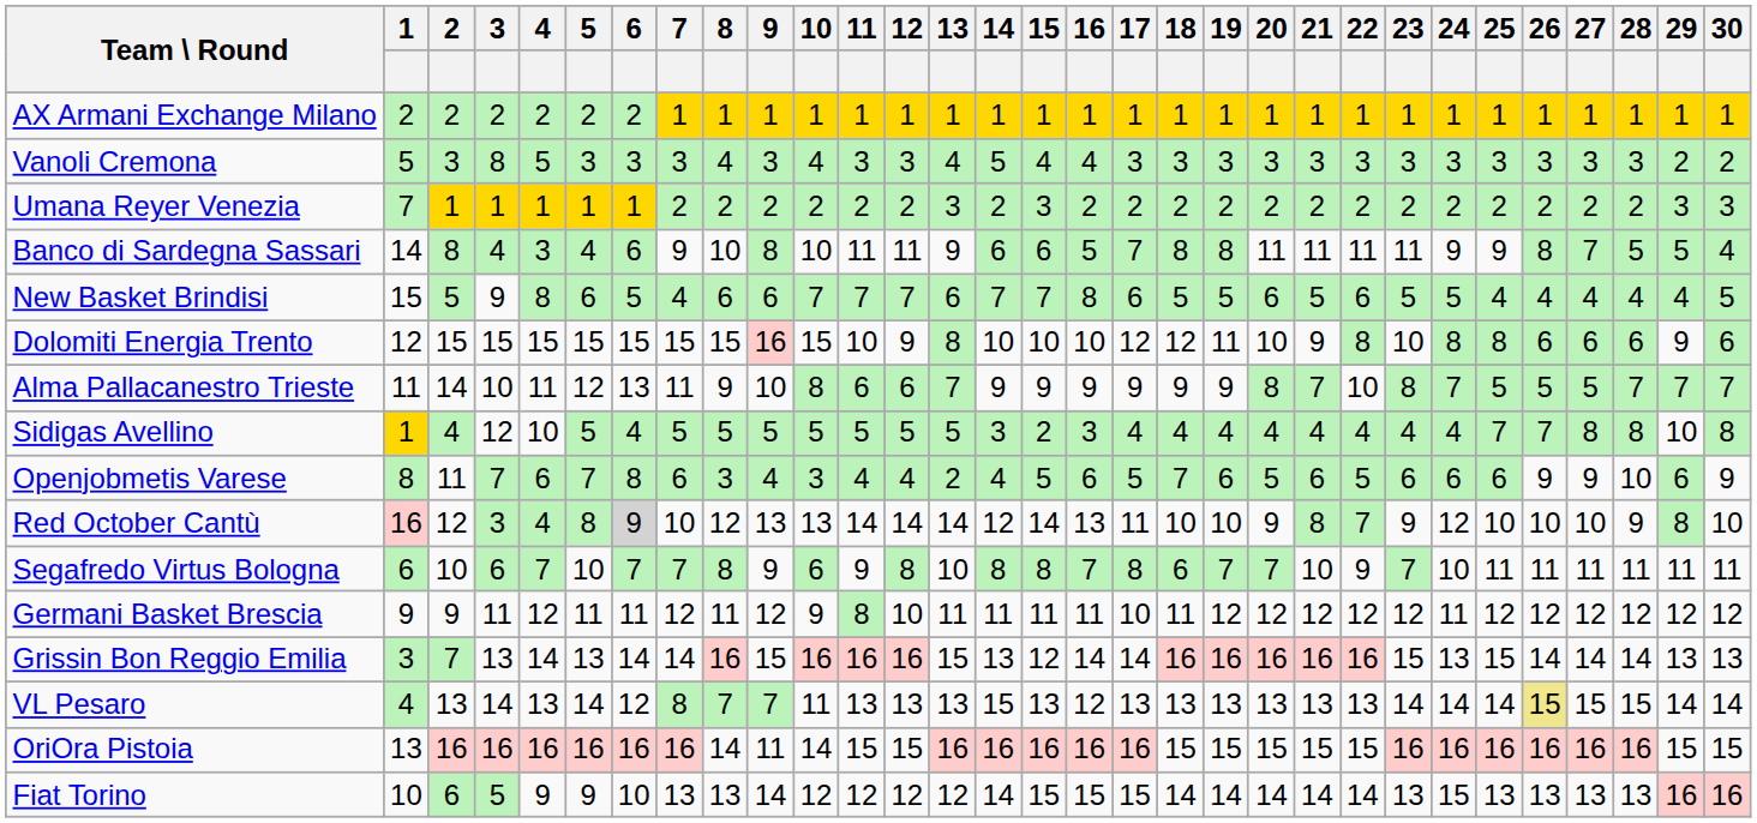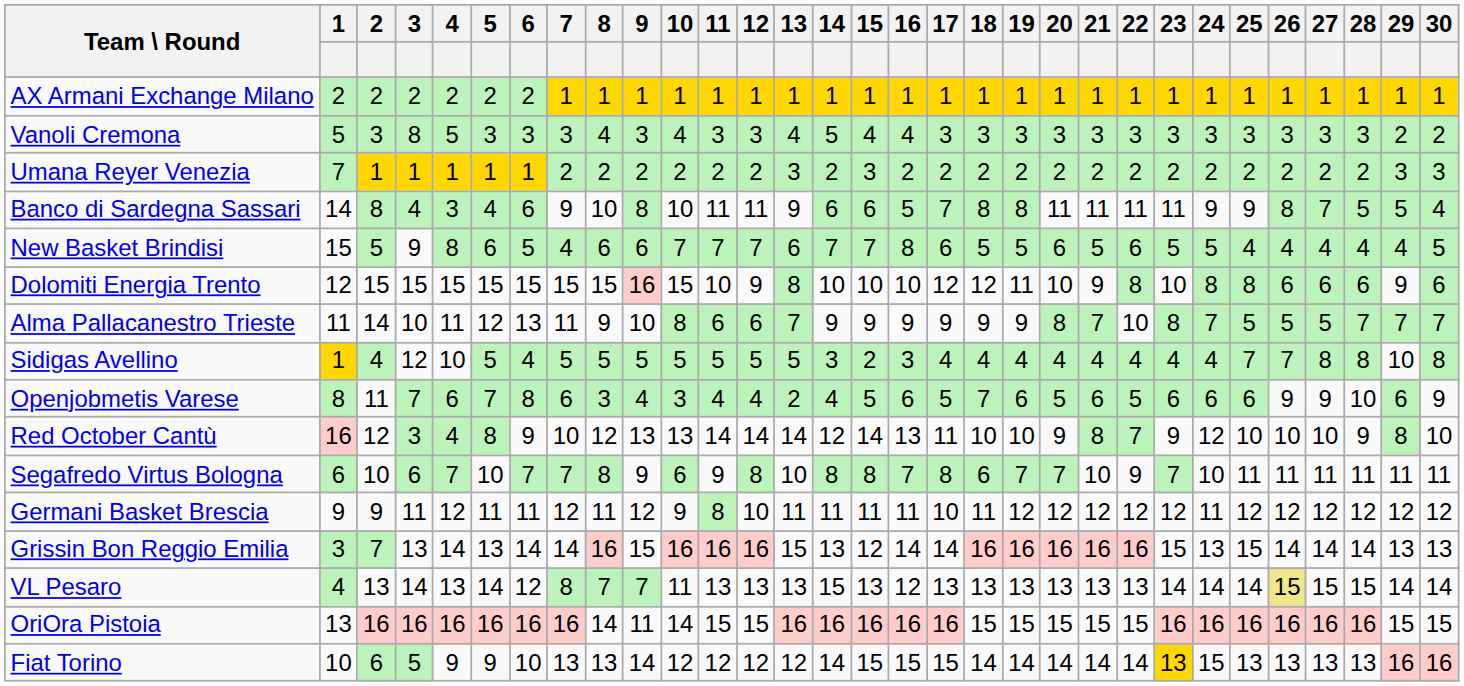 <table class="wikitable sortable" style="font-size: 85%; text-align:center; white-space: nowrap;">
 <tr>
 <th rowspan="2" style="width:140px;">Team \ Round</th>
 <th class="unsortable">1</th>
 <th class="unsortable">2</th>
 <th class="unsortable">3</th>
 <th class="unsortable">4</th>
 <th class="unsortable">5</th>
 <th class="unsortable">6</th>
 <th class="unsortable">7</th>
 <th class="unsortable">8</th>
 <th class="unsortable">9</th>
 <th class="unsortable">10</th>
 <th class="unsortable">11</th>
 <th class="unsortable">12</th>
 <th class="unsortable">13</th>
 <th class="unsortable">14</th>
 <th class="unsortable">15</th>
 <th class="unsortable">16</th>
 <th class="unsortable">17</th>
 <th class="unsortable">18</th>
 <th class="unsortable">19</th>
 <th class="unsortable">20</th>
 <th class="unsortable">21</th>
 <th class="unsortable">22</th>
 <th class="unsortable">23</th>
 <th class="unsortable">24</th>
 <th class="unsortable">25</th>
 <th class="unsortable">26</th>
 <th class="unsortable">27</th>
 <th class="unsortable">28</th>
 <th class="unsortable">29</th>
 <th class="unsortable">30</th>
 </tr>
 <tr style="text-align:center; height:20px;">
 <th scope=row></th>
 <th></th>
 <th></th>
 <th></th>
 <th></th>
 <th></th>
 <th></th>
 <th></th>
 <th></th>
 <th></th>
 <th></th>
 <th></th>
 <th></th>
 <th></th>
 <th></th>
 <th></th>
 <th></th>
 <th></th>
 <th></th>
 <th></th>
 <th></th>
 <th></th>
 <th></th>
 <th></th>
 <th></th>
 <th></th>
 <th></th>
 <th></th>
 <th></th>
 <th></th>
 </tr>
 <tr>
 <td align=left><a href='#'>AX Armani Exchange Milano</a></td>
 <td bgcolor=#BBF3BB>2</td>
 <td bgcolor=#BBF3BB>2</td>
 <td bgcolor=#BBF3BB>2</td>
 <td bgcolor=#BBF3BB>2</td>
 <td bgcolor=#BBF3BB>2</td>
 <td bgcolor=#BBF3BB>2</td>
 <td bgcolor=gold>1</td>
 <td bgcolor=gold>1</td>
 <td bgcolor=gold>1</td>
 <td bgcolor=gold>1</td>
 <td bgcolor=gold>1</td>
 <td bgcolor=gold>1</td>
 <td bgcolor=gold>1</td>
 <td bgcolor=gold>1</td>
 <td bgcolor=gold>1</td>
 <td bgcolor=gold>1</td>
 <td bgcolor=gold>1</td>
 <td bgcolor=gold>1</td>
 <td bgcolor=gold>1</td>
 <td bgcolor=gold>1</td>
 <td bgcolor=gold>1</td>
 <td bgcolor=gold>1</td>
 <td bgcolor=gold>1</td>
 <td bgcolor=gold>1</td>
 <td bgcolor=gold>1</td>
 <td bgcolor=gold>1</td>
 <td bgcolor=gold>1</td>
 <td bgcolor=gold>1</td>
 <td bgcolor=gold>1</td>
 <td bgcolor=gold>1</td>
 </tr>
 <tr>
 <td align=left><a href='#'>Vanoli Cremona</a></td>
 <td bgcolor=#BBF3BB>5</td>
 <td bgcolor=#BBF3BB>3</td>
 <td bgcolor=#BBF3BB>8</td>
 <td bgcolor=#BBF3BB>5</td>
 <td bgcolor=#BBF3BB>3</td>
 <td bgcolor=#BBF3BB>3</td>
 <td bgcolor=#BBF3BB>3</td>
 <td bgcolor=#BBF3BB>4</td>
 <td bgcolor=#BBF3BB>3</td>
 <td bgcolor=#BBF3BB>4</td>
 <td bgcolor=#BBF3BB>3</td>
 <td bgcolor=#BBF3BB>3</td>
 <td bgcolor=#BBF3BB>4</td>
 <td bgcolor=#BBF3BB>5</td>
 <td bgcolor=#BBF3BB>4</td>
 <td bgcolor=#BBF3BB>4</td>
 <td bgcolor=#BBF3BB>3</td>
 <td bgcolor=#BBF3BB>3</td>
 <td bgcolor=#BBF3BB>3</td>
 <td bgcolor=#BBF3BB>3</td>
 <td bgcolor=#BBF3BB>3</td>
 <td bgcolor=#BBF3BB>3</td>
 <td bgcolor=#BBF3BB>3</td>
 <td bgcolor=#BBF3BB>3</td>
 <td bgcolor=#BBF3BB>3</td>
 <td bgcolor=#BBF3BB>3</td>
 <td bgcolor=#BBF3BB>3</td>
 <td bgcolor=#BBF3BB>3</td>
 <td bgcolor=#BBF3BB>2</td>
 <td bgcolor=#BBF3BB>2</td>
 </tr>
 <tr>
 <td align=left><a href='#'>Umana Reyer Venezia</a></td>
 <td bgcolor=#BBF3BB>7</td>
 <td bgcolor=gold>1</td>
 <td bgcolor=gold>1</td>
 <td bgcolor=gold>1</td>
 <td bgcolor=gold>1</td>
 <td bgcolor=gold>1</td>
 <td bgcolor=#BBF3BB>2</td>
 <td bgcolor=#BBF3BB>2</td>
 <td bgcolor=#BBF3BB>2</td>
 <td bgcolor=#BBF3BB>2</td>
 <td bgcolor=#BBF3BB>2</td>
 <td bgcolor=#BBF3BB>2</td>
 <td bgcolor=#BBF3BB>3</td>
 <td bgcolor=#BBF3BB>2</td>
 <td bgcolor=#BBF3BB>3</td>
 <td bgcolor=#BBF3BB>2</td>
 <td bgcolor=#BBF3BB>2</td>
 <td bgcolor=#BBF3BB>2</td>
 <td bgcolor=#BBF3BB>2</td>
 <td bgcolor=#BBF3BB>2</td>
 <td bgcolor=#BBF3BB>2</td>
 <td bgcolor=#BBF3BB>2</td>
 <td bgcolor=#BBF3BB>2</td>
 <td bgcolor=#BBF3BB>2</td>
 <td bgcolor=#BBF3BB>2</td>
 <td bgcolor=#BBF3BB>2</td>
 <td bgcolor=#BBF3BB>2</td>
 <td bgcolor=#BBF3BB>2</td>
 <td bgcolor=#BBF3BB>3</td>
 <td bgcolor=#BBF3BB>3</td>
 </tr>
 <tr>
 <td align=left><a href='#'>Banco di Sardegna Sassari</a></td>
 <td>14</td>
 <td bgcolor=#BBF3BB>8</td>
 <td bgcolor=#BBF3BB>4</td>
 <td bgcolor=#BBF3BB>3</td>
 <td bgcolor=#BBF3BB>4</td>
 <td bgcolor=#BBF3BB>6</td>
 <td>9</td>
 <td>10</td>
 <td bgcolor=#BBF3BB>8</td>
 <td>10</td>
 <td>11</td>
 <td>11</td>
 <td>9</td>
 <td bgcolor=#BBF3BB>6</td>
 <td bgcolor=#BBF3BB>6</td>
 <td bgcolor=#BBF3BB>5</td>
 <td bgcolor=#BBF3BB>7</td>
 <td bgcolor=#BBF3BB>8</td>
 <td bgcolor=#BBF3BB>8</td>
 <td>11</td>
 <td>11</td>
 <td>11</td>
 <td>11</td>
 <td>9</td>
 <td>9</td>
 <td bgcolor=#BBF3BB>8</td>
 <td bgcolor=#BBF3BB>7</td>
 <td bgcolor=#BBF3BB>5</td>
 <td bgcolor=#BBF3BB>5</td>
 <td bgcolor=#BBF3BB>4</td>
 </tr>
 <tr>
 <td align=left><a href='#'>New Basket Brindisi</a></td>
 <td>15</td>
 <td bgcolor=#BBF3BB>5</td>
 <td>9</td>
 <td bgcolor=#BBF3BB>8</td>
 <td bgcolor=#BBF3BB>6</td>
 <td bgcolor=#BBF3BB>5</td>
 <td bgcolor=#BBF3BB>4</td>
 <td bgcolor=#BBF3BB>6</td>
 <td bgcolor=#BBF3BB>6</td>
 <td bgcolor=#BBF3BB>7</td>
 <td bgcolor=#BBF3BB>7</td>
 <td bgcolor=#BBF3BB>7</td>
 <td bgcolor=#BBF3BB>6</td>
 <td bgcolor=#BBF3BB>7</td>
 <td bgcolor=#BBF3BB>7</td>
 <td bgcolor=#BBF3BB>8</td>
 <td bgcolor=#BBF3BB>6</td>
 <td bgcolor=#BBF3BB>5</td>
 <td bgcolor=#BBF3BB>5</td>
 <td bgcolor=#BBF3BB>6</td>
 <td bgcolor=#BBF3BB>5</td>
 <td bgcolor=#BBF3BB>6</td>
 <td bgcolor=#BBF3BB>5</td>
 <td bgcolor=#BBF3BB>5</td>
 <td bgcolor=#BBF3BB>4</td>
 <td bgcolor=#BBF3BB>4</td>
 <td bgcolor=#BBF3BB>4</td>
 <td bgcolor=#BBF3BB>4</td>
 <td bgcolor=#BBF3BB>4</td>
 <td bgcolor=#BBF3BB>5</td>
 </tr>
 <tr>
 <td align=left><a href='#'>Dolomiti Energia Trento</a></td>
 <td>12</td>
 <td>15</td>
 <td>15</td>
 <td>15</td>
 <td>15</td>
 <td>15</td>
 <td>15</td>
 <td>15</td>
 <td bgcolor=#fcc>16</td>
 <td>15</td>
 <td>10</td>
 <td>9</td>
 <td bgcolor=#BBF3BB>8</td>
 <td>10</td>
 <td>10</td>
 <td>10</td>
 <td>12</td>
 <td>12</td>
 <td>11</td>
 <td>10</td>
 <td>9</td>
 <td bgcolor=#BBF3BB>8</td>
 <td>10</td>
 <td bgcolor=#BBF3BB>8</td>
 <td bgcolor=#BBF3BB>8</td>
 <td bgcolor=#BBF3BB>6</td>
 <td bgcolor=#BBF3BB>6</td>
 <td bgcolor=#BBF3BB>6</td>
 <td>9</td>
 <td bgcolor=#BBF3BB>6</td>
 </tr>
 <tr>
 <td align=left><a href='#'>Alma Pallacanestro Trieste</a></td>
 <td>11</td>
 <td>14</td>
 <td>10</td>
 <td>11</td>
 <td>12</td>
 <td>13</td>
 <td>11</td>
 <td>9</td>
 <td>10</td>
 <td bgcolor=#BBF3BB>8</td>
 <td bgcolor=#BBF3BB>6</td>
 <td bgcolor=#BBF3BB>6</td>
 <td bgcolor=#BBF3BB>7</td>
 <td>9</td>
 <td>9</td>
 <td>9</td>
 <td>9</td>
 <td>9</td>
 <td>9</td>
 <td bgcolor=#BBF3BB>8</td>
 <td bgcolor=#BBF3BB>7</td>
 <td>10</td>
 <td bgcolor=#BBF3BB>8</td>
 <td bgcolor=#BBF3BB>7</td>
 <td bgcolor=#BBF3BB>5</td>
 <td bgcolor=#BBF3BB>5</td>
 <td bgcolor=#BBF3BB>5</td>
 <td bgcolor=#BBF3BB>7</td>
 <td bgcolor=#BBF3BB>7</td>
 <td bgcolor=#BBF3BB>7</td>
 </tr>
 <tr>
 <td align=left><a href='#'>Sidigas Avellino</a></td>
 <td bgcolor=gold>1</td>
 <td bgcolor=#BBF3BB>4</td>
 <td>12</td>
 <td>10</td>
 <td bgcolor=#BBF3BB>5</td>
 <td bgcolor=#BBF3BB>4</td>
 <td bgcolor=#BBF3BB>5</td>
 <td bgcolor=#BBF3BB>5</td>
 <td bgcolor=#BBF3BB>5</td>
 <td bgcolor=#BBF3BB>5</td>
 <td bgcolor=#BBF3BB>5</td>
 <td bgcolor=#BBF3BB>5</td>
 <td bgcolor=#BBF3BB>5</td>
 <td bgcolor=#BBF3BB>3</td>
 <td bgcolor=#BBF3BB>2</td>
 <td bgcolor=#BBF3BB>3</td>
 <td bgcolor=#BBF3BB>4</td>
 <td bgcolor=#BBF3BB>4</td>
 <td bgcolor=#BBF3BB>4</td>
 <td bgcolor=#BBF3BB>4</td>
 <td bgcolor=#BBF3BB>4</td>
 <td bgcolor=#BBF3BB>4</td>
 <td bgcolor=#BBF3BB>4</td>
 <td bgcolor=#BBF3BB>4</td>
 <td bgcolor=#BBF3BB>7</td>
 <td bgcolor=#BBF3BB>7</td>
 <td bgcolor=#BBF3BB>8</td>
 <td bgcolor=#BBF3BB>8</td>
 <td>10</td>
 <td bgcolor=#BBF3BB>8</td>
 </tr>
 <tr>
 <td align=left><a href='#'>Openjobmetis Varese</a></td>
 <td bgcolor=#BBF3BB>8</td>
 <td>11</td>
 <td bgcolor=#BBF3BB>7</td>
 <td bgcolor=#BBF3BB>6</td>
 <td bgcolor=#BBF3BB>7</td>
 <td bgcolor=#BBF3BB>8</td>
 <td bgcolor=#BBF3BB>6</td>
 <td bgcolor=#BBF3BB>3</td>
 <td bgcolor=#BBF3BB>4</td>
 <td bgcolor=#BBF3BB>3</td>
 <td bgcolor=#BBF3BB>4</td>
 <td bgcolor=#BBF3BB>4</td>
 <td bgcolor=#BBF3BB>2</td>
 <td bgcolor=#BBF3BB>4</td>
 <td bgcolor=#BBF3BB>5</td>
 <td bgcolor=#BBF3BB>6</td>
 <td bgcolor=#BBF3BB>5</td>
 <td bgcolor=#BBF3BB>7</td>
 <td bgcolor=#BBF3BB>6</td>
 <td bgcolor=#BBF3BB>5</td>
 <td bgcolor=#BBF3BB>6</td>
 <td bgcolor=#BBF3BB>5</td>
 <td bgcolor=#BBF3BB>6</td>
 <td bgcolor=#BBF3BB>6</td>
 <td bgcolor=#BBF3BB>6</td>
 <td>9</td>
 <td>9</td>
 <td>10</td>
 <td bgcolor=#BBF3BB>6</td>
 <td>9</td>
 </tr>
 <tr>
 <td align=left><a href='#'>Red October Cantù</a></td>
 <td bgcolor=#fcc>16</td>
 <td>12</td>
 <td bgcolor=#BBF3BB>3</td>
 <td bgcolor=#BBF3BB>4</td>
 <td bgcolor=#BBF3BB>8</td>
-<td style="background: lightgrey;">9</td>
+<td>9</td>
 <td>10</td>
 <td>12</td>
 <td>13</td>
 <td>13</td>
 <td>14</td>
 <td>14</td>
 <td>14</td>
 <td>12</td>
 <td>14</td>
 <td>13</td>
 <td>11</td>
 <td>10</td>
 <td>10</td>
 <td>9</td>
 <td bgcolor=#BBF3BB>8</td>
 <td bgcolor=#BBF3BB>7</td>
 <td>9</td>
 <td>12</td>
 <td>10</td>
 <td>10</td>
 <td>10</td>
 <td>9</td>
 <td bgcolor=#BBF3BB>8</td>
 <td>10</td>
 </tr>
 <tr>
 <td align=left><a href='#'>Segafredo Virtus Bologna</a></td>
 <td bgcolor=#BBF3BB>6</td>
 <td>10</td>
 <td bgcolor=#BBF3BB>6</td>
 <td bgcolor=#BBF3BB>7</td>
 <td>10</td>
 <td bgcolor=#BBF3BB>7</td>
 <td bgcolor=#BBF3BB>7</td>
 <td bgcolor=#BBF3BB>8</td>
 <td>9</td>
 <td bgcolor=#BBF3BB>6</td>
 <td>9</td>
 <td bgcolor=#BBF3BB>8</td>
 <td>10</td>
 <td bgcolor=#BBF3BB>8</td>
 <td bgcolor=#BBF3BB>8</td>
 <td bgcolor=#BBF3BB>7</td>
 <td bgcolor=#BBF3BB>8</td>
 <td bgcolor=#BBF3BB>6</td>
 <td bgcolor=#BBF3BB>7</td>
 <td bgcolor=#BBF3BB>7</td>
 <td>10</td>
 <td>9</td>
 <td bgcolor=#BBF3BB>7</td>
 <td>10</td>
 <td>11</td>
 <td>11</td>
 <td>11</td>
 <td>11</td>
 <td>11</td>
 <td>11</td>
 </tr>
 <tr>
 <td align=left><a href='#'>Germani Basket Brescia</a></td>
 <td>9</td>
 <td>9</td>
 <td>11</td>
 <td>12</td>
 <td>11</td>
 <td>11</td>
 <td>12</td>
 <td>11</td>
 <td>12</td>
 <td>9</td>
 <td bgcolor=#BBF3BB>8</td>
 <td>10</td>
 <td>11</td>
 <td>11</td>
 <td>11</td>
 <td>11</td>
 <td>10</td>
 <td>11</td>
 <td>12</td>
 <td>12</td>
 <td>12</td>
 <td>12</td>
 <td>12</td>
 <td>11</td>
 <td>12</td>
 <td>12</td>
 <td>12</td>
 <td>12</td>
 <td>12</td>
 <td>12</td>
 </tr>
 <tr>
 <td align=left><a href='#'>Grissin Bon Reggio Emilia</a></td>
 <td bgcolor=#BBF3BB>3</td>
 <td bgcolor=#BBF3BB>7</td>
 <td>13</td>
 <td>14</td>
 <td>13</td>
 <td>14</td>
 <td>14</td>
 <td bgcolor=#fcc>16</td>
 <td>15</td>
 <td bgcolor=#fcc>16</td>
 <td bgcolor=#fcc>16</td>
 <td bgcolor=#fcc>16</td>
 <td>15</td>
 <td>13</td>
 <td>12</td>
 <td>14</td>
 <td>14</td>
 <td bgcolor=#fcc>16</td>
 <td bgcolor=#fcc>16</td>
 <td bgcolor=#fcc>16</td>
 <td bgcolor=#fcc>16</td>
 <td bgcolor=#fcc>16</td>
 <td>15</td>
 <td>13</td>
 <td>15</td>
 <td>14</td>
 <td>14</td>
 <td>14</td>
 <td>13</td>
 <td>13</td>
 </tr>
 <tr>
 <td align=left><a href='#'>VL Pesaro</a></td>
 <td bgcolor=#BBF3BB>4</td>
 <td>13</td>
 <td>14</td>
 <td>13</td>
 <td>14</td>
 <td>12</td>
 <td bgcolor=#BBF3BB>8</td>
 <td bgcolor=#BBF3BB>7</td>
 <td bgcolor=#BBF3BB>7</td>
 <td>11</td>
 <td>13</td>
 <td>13</td>
 <td>13</td>
 <td>15</td>
 <td>13</td>
 <td>12</td>
 <td>13</td>
 <td>13</td>
 <td>13</td>
 <td>13</td>
 <td>13</td>
 <td>13</td>
 <td>14</td>
 <td>14</td>
 <td>14</td>
 <td style="background: khaki;">15</td>
 <td>15</td>
 <td>15</td>
 <td>14</td>
 <td>14</td>
 </tr>
 <tr>
 <td align=left><a href='#'>OriOra Pistoia</a></td>
 <td>13</td>
 <td bgcolor=#fcc>16</td>
 <td bgcolor=#fcc>16</td>
 <td bgcolor=#fcc>16</td>
 <td bgcolor=#fcc>16</td>
 <td bgcolor=#fcc>16</td>
 <td bgcolor=#fcc>16</td>
 <td>14</td>
 <td>11</td>
 <td>14</td>
 <td>15</td>
 <td>15</td>
 <td bgcolor=#fcc>16</td>
 <td bgcolor=#fcc>16</td>
 <td bgcolor=#fcc>16</td>
 <td bgcolor=#fcc>16</td>
 <td bgcolor=#fcc>16</td>
 <td>15</td>
 <td>15</td>
 <td>15</td>
 <td>15</td>
 <td>15</td>
 <td bgcolor=#fcc>16</td>
 <td bgcolor=#fcc>16</td>
 <td bgcolor=#fcc>16</td>
 <td bgcolor=#fcc>16</td>
 <td bgcolor=#fcc>16</td>
 <td bgcolor=#fcc>16</td>
 <td>15</td>
 <td>15</td>
 </tr>
 <tr>
 <td align=left><a href='#'>Fiat Torino</a></td>
 <td>10</td>
 <td bgcolor=#BBF3BB>6</td>
 <td bgcolor=#BBF3BB>5</td>
 <td>9</td>
 <td>9</td>
 <td>10</td>
 <td>13</td>
 <td>13</td>
 <td>14</td>
 <td>12</td>
 <td>12</td>
 <td>12</td>
 <td>12</td>
 <td>14</td>
 <td>15</td>
 <td>15</td>
 <td>15</td>
 <td>14</td>
 <td>14</td>
 <td>14</td>
 <td>14</td>
 <td>14</td>
-<td>13</td>
+<td style="background: gold;">13</td>
 <td>15</td>
 <td>13</td>
 <td>13</td>
 <td>13</td>
 <td>13</td>
 <td bgcolor=#fcc>16</td>
 <td bgcolor=#fcc>16</td>
 </tr>
 </table>
